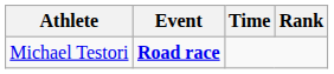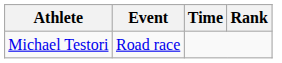 <table class=wikitable style="font-size:90%;">
 <tr>
 <th>Athlete</th>
 <th>Event</th>
 <th>Time</th>
 <th>Rank</th>
 </tr>
 <tr align=center>
 <td align=left><a href='#'>Michael Testori</a></td>
-<td align=left><strong><a href='#'>Road race</a></strong></td>
+<td align=left><a href='#'>Road race</a></td>
 <td colspan=2></td>
 </tr>
 </table>
